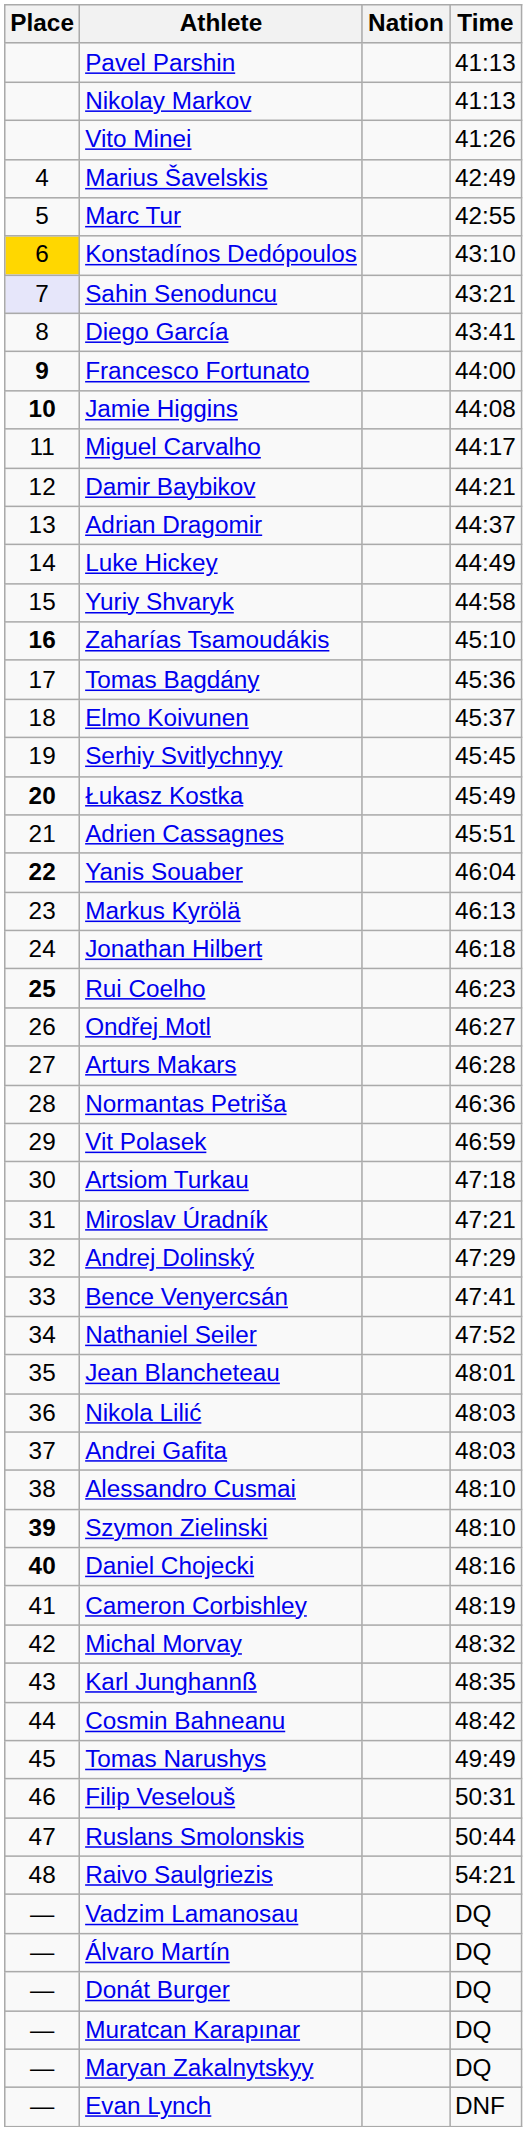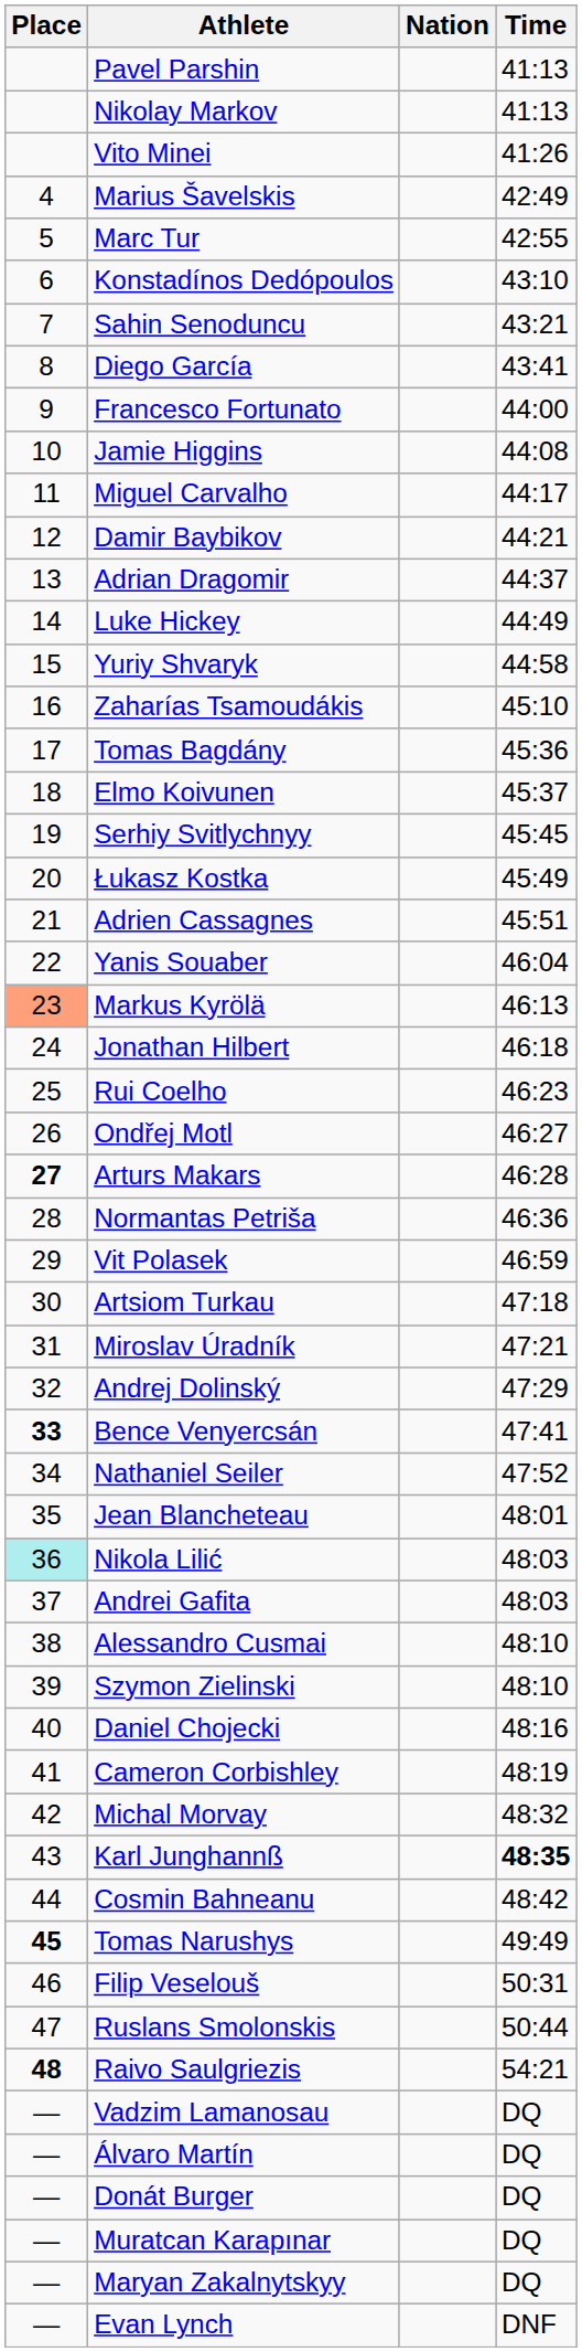 <table class=wikitable>
 <tr>
 <th>Place</th>
 <th>Athlete</th>
 <th>Nation</th>
 <th>Time</th>
 </tr>
 <tr>
 <td align=center></td>
 <td><a href='#'>Pavel Parshin</a></td>
 <td></td>
 <td>41:13</td>
 </tr>
 <tr>
 <td align=center></td>
 <td><a href='#'>Nikolay Markov</a></td>
 <td></td>
 <td>41:13</td>
 </tr>
 <tr>
 <td align=center></td>
 <td><a href='#'>Vito Minei</a></td>
 <td></td>
 <td>41:26</td>
 </tr>
 <tr>
 <td align=center>4</td>
 <td><a href='#'>Marius Šavelskis</a></td>
 <td></td>
 <td>42:49</td>
 </tr>
 <tr>
 <td align=center>5</td>
 <td><a href='#'>Marc Tur</a></td>
 <td></td>
 <td>42:55</td>
 </tr>
 <tr>
-<td align=center style="background: gold;">6</td>
+<td align=center>6</td>
 <td><a href='#'>Konstadínos Dedópoulos</a></td>
 <td></td>
 <td>43:10</td>
 </tr>
 <tr>
-<td align=center style="background: lavender;">7</td>
+<td align=center>7</td>
 <td><a href='#'>Sahin Senoduncu</a></td>
 <td></td>
 <td>43:21</td>
 </tr>
 <tr>
 <td align=center>8</td>
 <td><a href='#'>Diego García</a></td>
 <td></td>
 <td>43:41</td>
 </tr>
 <tr>
-<td align=center><strong>9</strong></td>
+<td align=center>9</td>
 <td><a href='#'>Francesco Fortunato</a></td>
 <td></td>
 <td>44:00</td>
 </tr>
 <tr>
-<td align=center><strong>10</strong></td>
+<td align=center>10</td>
 <td><a href='#'>Jamie Higgins</a></td>
 <td></td>
 <td>44:08</td>
 </tr>
 <tr>
 <td align=center>11</td>
 <td><a href='#'>Miguel Carvalho</a></td>
 <td></td>
 <td>44:17</td>
 </tr>
 <tr>
 <td align=center>12</td>
 <td><a href='#'>Damir Baybikov</a></td>
 <td></td>
 <td>44:21</td>
 </tr>
 <tr>
 <td align=center>13</td>
 <td><a href='#'>Adrian Dragomir</a></td>
 <td></td>
 <td>44:37</td>
 </tr>
 <tr>
 <td align=center>14</td>
 <td><a href='#'>Luke Hickey</a></td>
 <td></td>
 <td>44:49</td>
 </tr>
 <tr>
 <td align=center>15</td>
 <td><a href='#'>Yuriy Shvaryk</a></td>
 <td></td>
 <td>44:58</td>
 </tr>
 <tr>
-<td align=center><strong>16</strong></td>
+<td align=center>16</td>
 <td><a href='#'>Zaharías Tsamoudákis</a></td>
 <td></td>
 <td>45:10</td>
 </tr>
 <tr>
 <td align=center>17</td>
 <td><a href='#'>Tomas Bagdány</a></td>
 <td></td>
 <td>45:36</td>
 </tr>
 <tr>
 <td align=center>18</td>
 <td><a href='#'>Elmo Koivunen</a></td>
 <td></td>
 <td>45:37</td>
 </tr>
 <tr>
 <td align=center>19</td>
 <td><a href='#'>Serhiy Svitlychnyy</a></td>
 <td></td>
 <td>45:45</td>
 </tr>
 <tr>
-<td align=center><strong>20</strong></td>
+<td align=center>20</td>
 <td><a href='#'>Łukasz Kostka</a></td>
 <td></td>
 <td>45:49</td>
 </tr>
 <tr>
 <td align=center>21</td>
 <td><a href='#'>Adrien Cassagnes</a></td>
 <td></td>
 <td>45:51</td>
 </tr>
 <tr>
-<td align=center><strong>22</strong></td>
+<td align=center>22</td>
 <td><a href='#'>Yanis Souaber</a></td>
 <td></td>
 <td>46:04</td>
 </tr>
 <tr>
-<td align=center>23</td>
+<td align=center style="background: lightsalmon;">23</td>
 <td><a href='#'>Markus Kyrölä</a></td>
 <td></td>
 <td>46:13</td>
 </tr>
 <tr>
 <td align=center>24</td>
 <td><a href='#'>Jonathan Hilbert</a></td>
 <td></td>
 <td>46:18</td>
 </tr>
 <tr>
-<td align=center><strong>25</strong></td>
+<td align=center>25</td>
 <td><a href='#'>Rui Coelho</a></td>
 <td></td>
 <td>46:23</td>
 </tr>
 <tr>
 <td align=center>26</td>
 <td><a href='#'>Ondřej Motl</a></td>
 <td></td>
 <td>46:27</td>
 </tr>
 <tr>
-<td align=center>27</td>
+<td align=center><strong>27</strong></td>
 <td><a href='#'>Arturs Makars</a></td>
 <td></td>
 <td>46:28</td>
 </tr>
 <tr>
 <td align=center>28</td>
 <td><a href='#'>Normantas Petriša</a></td>
 <td></td>
 <td>46:36</td>
 </tr>
 <tr>
 <td align=center>29</td>
 <td><a href='#'>Vit Polasek</a></td>
 <td></td>
 <td>46:59</td>
 </tr>
 <tr>
 <td align=center>30</td>
 <td><a href='#'>Artsiom Turkau</a></td>
 <td></td>
 <td>47:18</td>
 </tr>
 <tr>
 <td align=center>31</td>
 <td><a href='#'>Miroslav Úradník</a></td>
 <td></td>
 <td>47:21</td>
 </tr>
 <tr>
 <td align=center>32</td>
 <td><a href='#'>Andrej Dolinský</a></td>
 <td></td>
 <td>47:29</td>
 </tr>
 <tr>
-<td align=center>33</td>
+<td align=center><strong>33</strong></td>
 <td><a href='#'>Bence Venyercsán</a></td>
 <td></td>
 <td>47:41</td>
 </tr>
 <tr>
 <td align=center>34</td>
 <td><a href='#'>Nathaniel Seiler</a></td>
 <td></td>
 <td>47:52</td>
 </tr>
 <tr>
 <td align=center>35</td>
 <td><a href='#'>Jean Blancheteau</a></td>
 <td></td>
 <td>48:01</td>
 </tr>
 <tr>
-<td align=center>36</td>
+<td align=center style="background: paleturquoise;">36</td>
 <td><a href='#'>Nikola Lilić</a></td>
 <td></td>
 <td>48:03</td>
 </tr>
 <tr>
 <td align=center>37</td>
 <td><a href='#'>Andrei Gafita</a></td>
 <td></td>
 <td>48:03</td>
 </tr>
 <tr>
 <td align=center>38</td>
 <td><a href='#'>Alessandro Cusmai</a></td>
 <td></td>
 <td>48:10</td>
 </tr>
 <tr>
-<td align=center><strong>39</strong></td>
+<td align=center>39</td>
 <td><a href='#'>Szymon Zielinski</a></td>
 <td></td>
 <td>48:10</td>
 </tr>
 <tr>
-<td align=center><strong>40</strong></td>
+<td align=center>40</td>
 <td><a href='#'>Daniel Chojecki</a></td>
 <td></td>
 <td>48:16</td>
 </tr>
 <tr>
 <td align=center>41</td>
 <td><a href='#'>Cameron Corbishley</a></td>
 <td></td>
 <td>48:19</td>
 </tr>
 <tr>
 <td align=center>42</td>
 <td><a href='#'>Michal Morvay</a></td>
 <td></td>
 <td>48:32</td>
 </tr>
 <tr>
 <td align=center>43</td>
 <td><a href='#'>Karl Junghannß</a></td>
 <td></td>
-<td>48:35</td>
+<td><strong>48:35</strong></td>
 </tr>
 <tr>
 <td align=center>44</td>
 <td><a href='#'>Cosmin Bahneanu</a></td>
 <td></td>
 <td>48:42</td>
 </tr>
 <tr>
-<td align=center>45</td>
+<td align=center><strong>45</strong></td>
 <td><a href='#'>Tomas Narushys</a></td>
 <td></td>
 <td>49:49</td>
 </tr>
 <tr>
 <td align=center>46</td>
 <td><a href='#'>Filip Veselouš</a></td>
 <td></td>
 <td>50:31</td>
 </tr>
 <tr>
 <td align=center>47</td>
 <td><a href='#'>Ruslans Smolonskis</a></td>
 <td></td>
 <td>50:44</td>
 </tr>
 <tr>
-<td align=center>48</td>
+<td align=center><strong>48</strong></td>
 <td><a href='#'>Raivo Saulgriezis</a></td>
 <td></td>
 <td>54:21</td>
 </tr>
 <tr>
 <td align=center>—</td>
 <td><a href='#'>Vadzim Lamanosau</a></td>
 <td></td>
 <td>DQ</td>
 </tr>
 <tr>
 <td align=center>—</td>
 <td><a href='#'>Álvaro Martín</a></td>
 <td></td>
 <td>DQ</td>
 </tr>
 <tr>
 <td align=center>—</td>
 <td><a href='#'>Donát Burger</a></td>
 <td></td>
 <td>DQ</td>
 </tr>
 <tr>
 <td align=center>—</td>
 <td><a href='#'>Muratcan Karapınar</a></td>
 <td></td>
 <td>DQ</td>
 </tr>
 <tr>
 <td align=center>—</td>
 <td><a href='#'>Maryan Zakalnytskyy</a></td>
 <td></td>
 <td>DQ</td>
 </tr>
 <tr>
 <td align=center>—</td>
 <td><a href='#'>Evan Lynch</a></td>
 <td></td>
 <td>DNF</td>
 </tr>
 </table>
